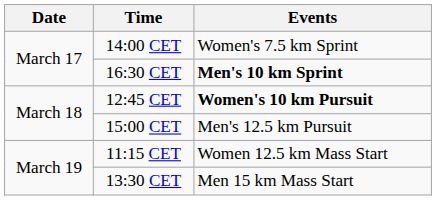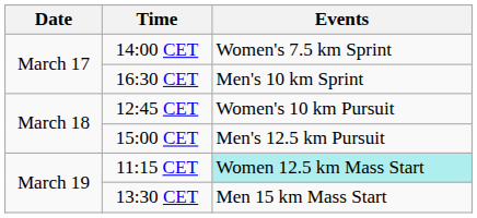 <table class="wikitable" style="text-align: center" width="400">
 <tr>
 <th>Date</th>
 <th>Time</th>
 <th>Events</th>
 </tr>
 <tr>
 <td rowspan=2>March 17</td>
 <td>14:00 <a href='#'>CET</a></td>
 <td style="text-align: left">Women's 7.5 km Sprint</td>
 </tr>
 <tr>
 <td>16:30 <a href='#'>CET</a></td>
-<td style="text-align: left"><strong>Men's 10 km Sprint</strong></td>
+<td style="text-align: left">Men's 10 km Sprint</td>
 </tr>
 <tr>
 <td rowspan=2>March 18</td>
 <td>12:45 <a href='#'>CET</a></td>
-<td style="text-align: left"><strong>Women's 10 km Pursuit</strong></td>
+<td style="text-align: left">Women's 10 km Pursuit</td>
 </tr>
 <tr>
 <td>15:00 <a href='#'>CET</a></td>
 <td style="text-align: left">Men's 12.5 km Pursuit</td>
 </tr>
 <tr>
 <td rowspan=2>March 19</td>
 <td>11:15 <a href='#'>CET</a></td>
-<td style="text-align: left">Women 12.5 km Mass Start</td>
+<td style="background: paleturquoise; text-align: left">Women 12.5 km Mass Start</td>
 </tr>
 <tr>
 <td>13:30 <a href='#'>CET</a></td>
 <td style="text-align: left">Men 15 km Mass Start</td>
 </tr>
 </table>
